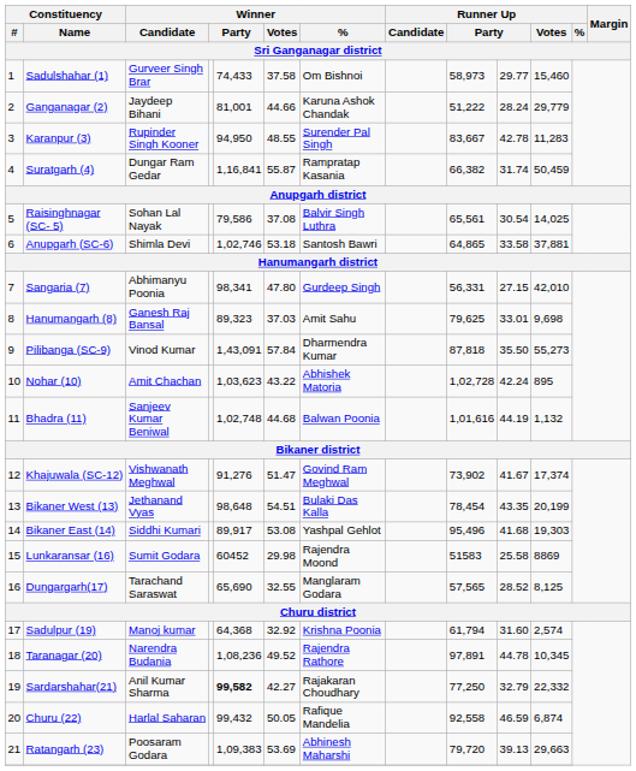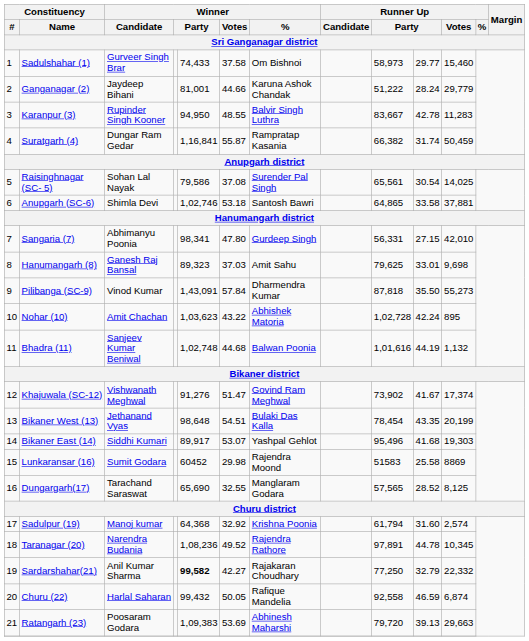 <table class="wikitable sortable">
 <tr>
 <th colspan="2">Constituency</th>
 <th colspan="5">Winner</th>
 <th colspan="5">Runner Up</th>
 <th rowspan="2">Margin</th>
 </tr>
 <tr>
 <th>#</th>
 <th>Name</th>
 <th>Candidate</th>
 <th colspan="2">Party</th>
 <th>Votes</th>
 <th>%</th>
 <th>Candidate</th>
 <th colspan="2">Party</th>
 <th>Votes</th>
 <th>%</th>
 </tr>
 <tr>
 <th colspan="13"><a href='#'>Sri Ganganagar district</a></th>
 </tr>
 <tr>
 <td>1</td>
 <td><a href='#'>Sadulshahar (1)</a></td>
 <td><a href='#'>Gurveer Singh Brar</a></td>
 <td></td>
 <td>74,433</td>
 <td>37.58</td>
 <td>Om Bishnoi</td>
 <td></td>
 <td>58,973</td>
 <td>29.77</td>
 <td style="background:">15,460</td>
 </tr>
 <tr>
 <td>2</td>
 <td><a href='#'>Ganganagar (2)</a></td>
 <td>Jaydeep Bihani</td>
 <td></td>
 <td>81,001</td>
 <td>44.66</td>
 <td>Karuna Ashok Chandak</td>
 <td></td>
 <td>51,222</td>
 <td>28.24</td>
 <td style="background:">29,779</td>
 </tr>
 <tr>
 <td>3</td>
 <td><a href='#'>Karanpur (3)</a></td>
 <td><a href='#'>Rupinder Singh Kooner</a></td>
 <td></td>
 <td>94,950</td>
 <td>48.55</td>
-<td><a href='#'>Surender Pal Singh</a></td>
+<td><a href='#'>Balvir Singh Luthra</a></td>
 <td></td>
 <td>83,667</td>
 <td>42.78</td>
 <td style="background:">11,283</td>
 </tr>
 <tr>
 <td>4</td>
 <td><a href='#'>Suratgarh (4)</a></td>
 <td>Dungar Ram Gedar</td>
 <td></td>
 <td>1,16,841</td>
 <td>55.87</td>
 <td>Rampratap Kasania</td>
 <td></td>
 <td>66,382</td>
 <td>31.74</td>
 <td style="background:">50,459</td>
 </tr>
 <tr>
 <th colspan="13"><a href='#'>Anupgarh district</a></th>
 </tr>
 <tr>
 <td>5</td>
 <td><a href='#'>Raisinghnagar (SC- 5)</a></td>
 <td>Sohan Lal Nayak</td>
 <td></td>
 <td>79,586</td>
 <td>37.08</td>
-<td><a href='#'>Balvir Singh Luthra</a></td>
+<td><a href='#'>Surender Pal Singh</a></td>
 <td></td>
 <td>65,561</td>
 <td>30.54</td>
 <td style="background:">14,025</td>
 </tr>
 <tr>
 <td>6</td>
 <td><a href='#'>Anupgarh (SC-6)</a></td>
 <td>Shimla Devi</td>
 <td></td>
 <td>1,02,746</td>
 <td>53.18</td>
 <td>Santosh Bawri</td>
 <td></td>
 <td>64,865</td>
 <td>33.58</td>
 <td style="background:">37,881</td>
 </tr>
 <tr>
 <th colspan="13"><a href='#'>Hanumangarh district</a></th>
 </tr>
 <tr>
 <td>7</td>
 <td><a href='#'>Sangaria (7)</a></td>
 <td>Abhimanyu Poonia</td>
 <td></td>
 <td>98,341</td>
 <td>47.80</td>
 <td><a href='#'>Gurdeep Singh</a></td>
 <td></td>
 <td>56,331</td>
 <td>27.15</td>
 <td style="background:">42,010</td>
 </tr>
 <tr>
 <td>8</td>
 <td><a href='#'>Hanumangarh (8)</a></td>
 <td><a href='#'>Ganesh Raj Bansal</a></td>
 <td></td>
 <td>89,323</td>
 <td>37.03</td>
 <td>Amit Sahu</td>
 <td></td>
 <td>79,625</td>
 <td>33.01</td>
 <td style="background:">9,698</td>
 </tr>
 <tr>
 <td>9</td>
 <td><a href='#'>Pilibanga (SC-9)</a></td>
 <td>Vinod Kumar</td>
 <td></td>
 <td>1,43,091</td>
 <td>57.84</td>
 <td>Dharmendra Kumar</td>
 <td></td>
 <td>87,818</td>
 <td>35.50</td>
 <td style="background:">55,273</td>
 </tr>
 <tr>
 <td>10</td>
 <td><a href='#'>Nohar (10)</a></td>
 <td><a href='#'>Amit Chachan</a></td>
 <td></td>
 <td>1,03,623</td>
 <td>43.22</td>
 <td><a href='#'>Abhishek Matoria</a></td>
 <td></td>
 <td>1,02,728</td>
 <td>42.24</td>
 <td style="background:">895</td>
 </tr>
 <tr>
 <td>11</td>
 <td><a href='#'>Bhadra (11)</a></td>
 <td><a href='#'>Sanjeev Kumar Beniwal</a></td>
 <td></td>
 <td>1,02,748</td>
 <td>44.68</td>
 <td><a href='#'>Balwan Poonia</a></td>
 <td></td>
 <td>1,01,616</td>
 <td>44.19</td>
 <td style="background:">1,132</td>
 </tr>
 <tr>
 <th colspan="13"><a href='#'>Bikaner district</a></th>
 </tr>
 <tr>
 <td>12</td>
 <td><a href='#'>Khajuwala (SC-12)</a></td>
 <td><a href='#'>Vishwanath Meghwal</a></td>
 <td></td>
 <td>91,276</td>
 <td>51.47</td>
 <td><a href='#'>Govind Ram Meghwal</a></td>
 <td></td>
 <td>73,902</td>
 <td>41.67</td>
 <td style="background:">17,374</td>
 </tr>
 <tr>
 <td>13</td>
 <td><a href='#'>Bikaner West (13)</a></td>
 <td><a href='#'>Jethanand Vyas</a></td>
 <td></td>
 <td>98,648</td>
 <td>54.51</td>
 <td><a href='#'>Bulaki Das Kalla</a></td>
 <td></td>
 <td>78,454</td>
 <td>43.35</td>
 <td style="background:">20,199</td>
 </tr>
 <tr>
 <td>14</td>
 <td><a href='#'>Bikaner East (14)</a></td>
 <td><a href='#'>Siddhi Kumari</a></td>
 <td></td>
 <td>89,917</td>
-<td>53.08</td>
+<td>53.07</td>
 <td>Yashpal Gehlot</td>
 <td></td>
 <td>95,496</td>
 <td>41.68</td>
 <td style="background:">19,303</td>
 </tr>
 <tr>
 <td>15</td>
 <td><a href='#'>Lunkaransar (16)</a></td>
 <td><a href='#'>Sumit Godara</a></td>
 <td></td>
 <td>60452</td>
 <td>29.98</td>
 <td>Rajendra Moond</td>
 <td></td>
 <td>51583</td>
 <td>25.58</td>
 <td style="background:">8869</td>
 </tr>
 <tr>
 <td>16</td>
 <td><a href='#'>Dungargarh(17)</a></td>
 <td>Tarachand Saraswat</td>
 <td></td>
 <td>65,690</td>
 <td>32.55</td>
 <td>Manglaram Godara</td>
 <td></td>
 <td>57,565</td>
 <td>28.52</td>
 <td style="background:">8,125</td>
 </tr>
 <tr>
 <th colspan="13"><a href='#'>Churu district</a></th>
 </tr>
 <tr>
 <td>17</td>
 <td><a href='#'>Sadulpur (19)</a></td>
 <td><a href='#'>Manoj kumar</a></td>
 <td></td>
 <td>64,368</td>
 <td>32.92</td>
 <td><a href='#'>Krishna Poonia</a></td>
 <td></td>
 <td>61,794</td>
 <td>31.60</td>
 <td style="background:">2,574</td>
 </tr>
 <tr>
 <td>18</td>
 <td><a href='#'>Taranagar (20)</a></td>
 <td><a href='#'>Narendra Budania</a></td>
 <td></td>
 <td>1,08,236</td>
 <td>49.52</td>
 <td><a href='#'>Rajendra Rathore</a></td>
 <td></td>
 <td>97,891</td>
 <td>44.78</td>
 <td style="background:">10,345</td>
 </tr>
 <tr>
 <td>19</td>
 <td><a href='#'>Sardarshahar(21)</a></td>
 <td>Anil Kumar Sharma</td>
 <td></td>
 <td><strong>99,582</strong></td>
 <td>42.27</td>
 <td>Rajakaran Choudhary</td>
 <td></td>
 <td>77,250</td>
 <td>32.79</td>
 <td style="background:">22,332</td>
 </tr>
 <tr>
 <td>20</td>
 <td><a href='#'>Churu (22)</a></td>
 <td><a href='#'>Harlal Saharan</a></td>
 <td></td>
 <td>99,432</td>
 <td>50.05</td>
 <td>Rafique Mandelia</td>
 <td></td>
 <td>92,558</td>
 <td>46.59</td>
 <td style="background:">6,874</td>
 </tr>
 <tr>
 <td>21</td>
 <td><a href='#'>Ratangarh (23)</a></td>
 <td>Poosaram Godara</td>
 <td></td>
 <td>1,09,383</td>
 <td>53.69</td>
 <td><a href='#'>Abhinesh Maharshi</a></td>
 <td></td>
 <td>79,720</td>
 <td>39.13</td>
 <td style="background:">29,663</td>
 </tr>
 <tr>
 </tr>
 </table>
